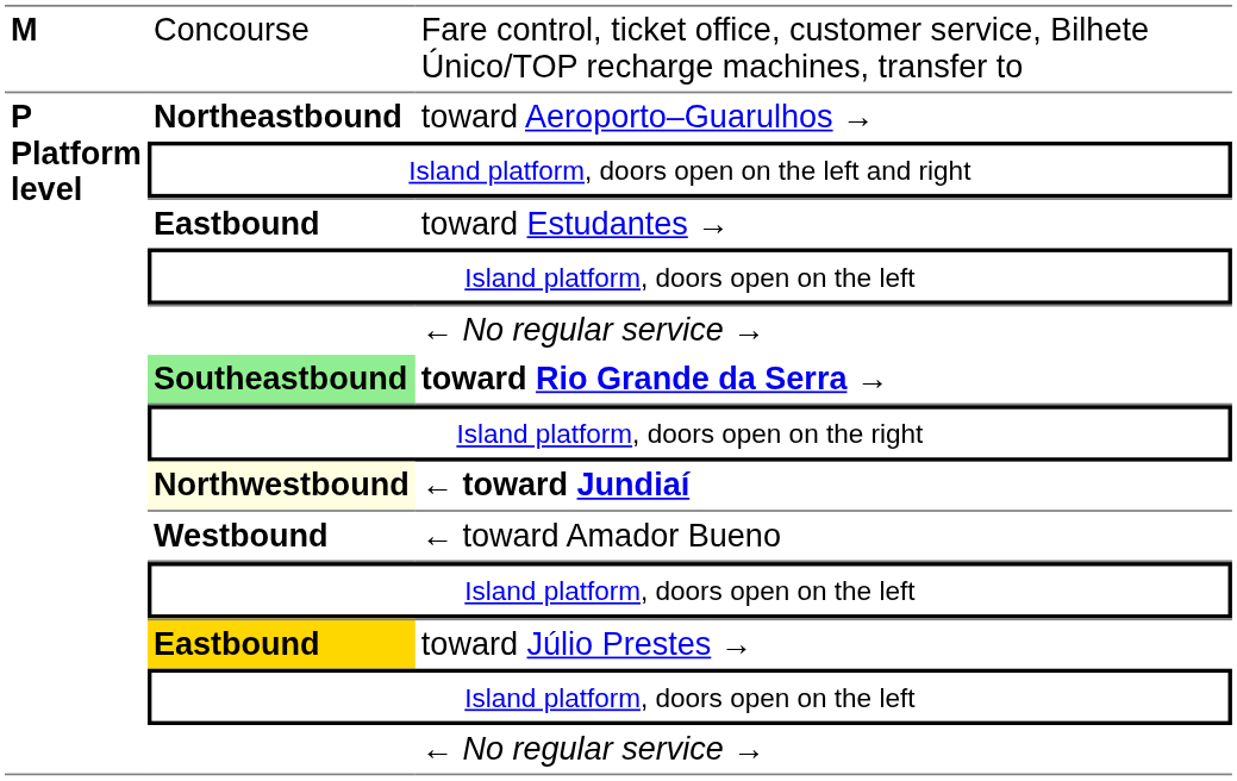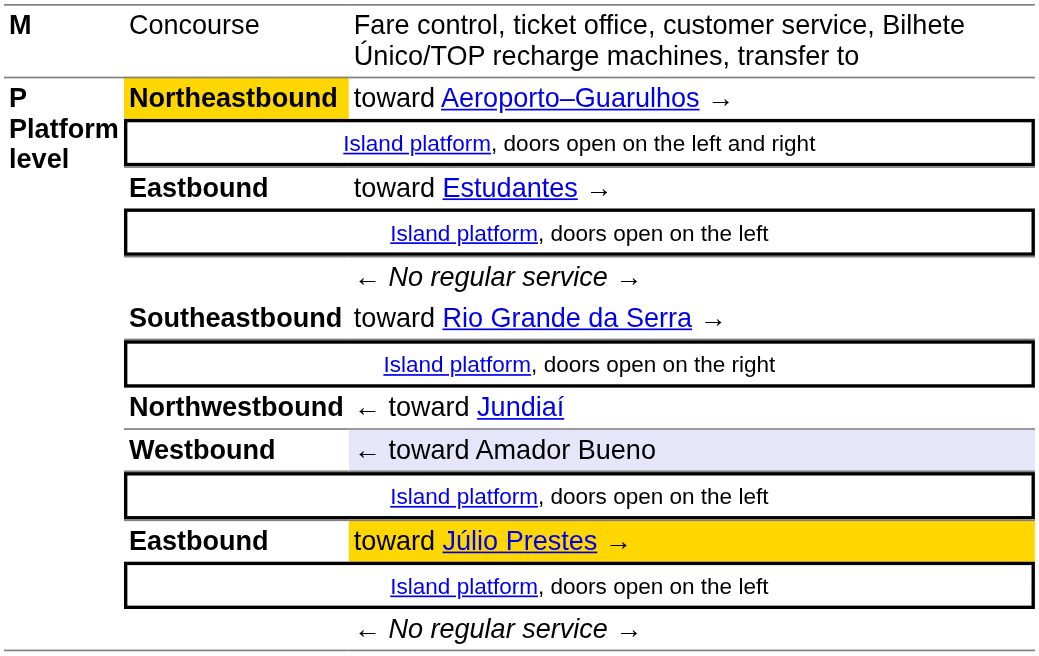 <table table border=0 cellspacing=0 cellpadding=3>
 <tr>
 <td style="border-top:solid 1px gray;vertical-align:top;" width=50><strong>M</strong></td>
 <td style="border-top:solid 1px gray;vertical-align:top;" width=100>Concourse</td>
 <td style="border-top:solid 1px gray;vertical-align:top;" width=400>Fare control, ticket office, customer service, Bilhete Único/TOP recharge machines, transfer to </td>
 </tr>
 <tr>
 <td style="border-top:solid 1px gray;border-bottom:solid 1px gray;vertical-align:top;" rowspan=14><strong>P<br>Platform level</strong></td>
 </tr>
 <tr>
-<td style="border-top:solid 1px gray;"><span><strong>Northeastbound</strong></span></td>
+<td style="background: gold; border-top:solid 1px gray;"><span><strong>Northeastbound</strong></span></td>
 <td style="border-top:solid 1px gray;"> toward <a href='#'>Aeroporto–Guarulhos</a> →</td>
 </tr>
 <tr>
 <td style="border-top:solid 2px black;border-right:solid 2px black;border-left:solid 2px black;border-bottom:solid 2px black;text-align:center;" colspan=5><small><a href='#'>Island platform</a>, doors open on the left and right</small></td>
 </tr>
 <tr>
 <td style="border-top:solid 1px gray;"><span><strong>Eastbound</strong></span></td>
 <td style="border-top:solid 1px gray;"> toward <a href='#'>Estudantes</a> →</td>
 </tr>
 <tr>
 <td style="border-top:solid 2px black;border-right:solid 2px black;border-left:solid 2px black;border-bottom:solid 2px black;text-align:center;" colspan=5><small><a href='#'>Island platform</a>, doors open on the left</small></td>
 </tr>
 <tr>
 <td style="border-top:solid 1px gray;"></td>
 <td style="border-top:solid 1px gray;">← <em>No regular service</em> →</td>
 </tr>
 <tr>
-<td style="background: lightgreen; border-bottom:solid 1px gray;"><span><strong>Southeastbound</strong></span></td>
-<td style="border-bottom:solid 1px gray;"><strong> toward <a href='#'>Rio Grande da Serra</a> →</strong></td>
+<td style="border-bottom:solid 1px gray;"><span><strong>Southeastbound</strong></span></td>
+<td style="border-bottom:solid 1px gray;"> toward <a href='#'>Rio Grande da Serra</a> →</td>
 </tr>
 <tr>
 <td style="border-top:solid 2px black;border-right:solid 2px black;border-left:solid 2px black;border-bottom:solid 2px black;text-align:center;" colspan=5><small><a href='#'>Island platform</a>, doors open on the right</small></td>
 </tr>
 <tr>
-<td style="background: lightyellow; border-bottom:solid 1px gray;"><span><strong>Northwestbound</strong></span></td>
-<td style="border-bottom:solid 1px gray;"><strong>←  toward <a href='#'>Jundiaí</a></strong></td>
+<td style="border-bottom:solid 1px gray;"><span><strong>Northwestbound</strong></span></td>
+<td style="border-bottom:solid 1px gray;">←  toward <a href='#'>Jundiaí</a></td>
 </tr>
 <tr>
 <td style="border-bottom:solid 1px gray;"><span><strong>Westbound</strong></span></td>
-<td style="border-bottom:solid 1px gray;">←  toward Amador Bueno</td>
+<td style="background: lavender; border-bottom:solid 1px gray;">←  toward Amador Bueno</td>
 </tr>
 <tr>
 <td style="border-top:solid 2px black;border-right:solid 2px black;border-left:solid 2px black;border-bottom:solid 2px black;text-align:center;" colspan=5><small><a href='#'>Island platform</a>, doors open on the left</small></td>
 </tr>
 <tr>
-<td style="background: gold; border-top:solid 1px gray;"><span><strong>Eastbound</strong></span></td>
-<td style="border-top:solid 1px gray;"> toward <a href='#'>Júlio Prestes</a> →</td>
+<td style="border-top:solid 1px gray;"><span><strong>Eastbound</strong></span></td>
+<td style="background: gold; border-top:solid 1px gray;"> toward <a href='#'>Júlio Prestes</a> →</td>
 </tr>
 <tr>
 <td style="border-top:solid 2px black;border-right:solid 2px black;border-left:solid 2px black;border-bottom:solid 2px black;text-align:center;" colspan=5><small><a href='#'>Island platform</a>, doors open on the left</small></td>
 </tr>
 <tr>
 <td style="border-bottom:solid 1px gray;"></td>
 <td style="border-bottom:solid 1px gray;">← <em>No regular service</em> →</td>
 </tr>
 </table>
